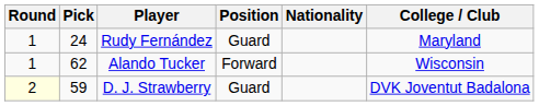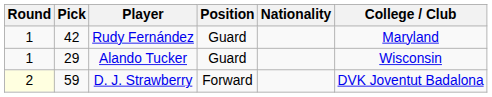 <table class="wikitable sortable sortable">
 <tr>
 <th>Round</th>
 <th>Pick</th>
 <th>Player</th>
 <th>Position</th>
 <th>Nationality</th>
 <th>College / Club</th>
 </tr>
 <tr style="text-align: center">
 <td>1</td>
-<td>24</td>
+<td>42</td>
 <td><a href='#'>Rudy Fernández</a></td>
 <td>Guard</td>
 <td></td>
 <td><a href='#'>Maryland</a></td>
 </tr>
 <tr style="text-align: center">
 <td>1</td>
-<td>62</td>
+<td>29</td>
 <td><a href='#'>Alando Tucker</a></td>
-<td>Forward</td>
+<td>Guard</td>
 <td></td>
 <td><a href='#'>Wisconsin</a></td>
 </tr>
 <tr style="text-align: center">
 <td style="background: lightyellow;">2</td>
 <td>59</td>
 <td><a href='#'>D. J. Strawberry</a></td>
-<td>Guard</td>
+<td>Forward</td>
 <td></td>
 <td><a href='#'>DVK Joventut Badalona</a></td>
 </tr>
 </table>
